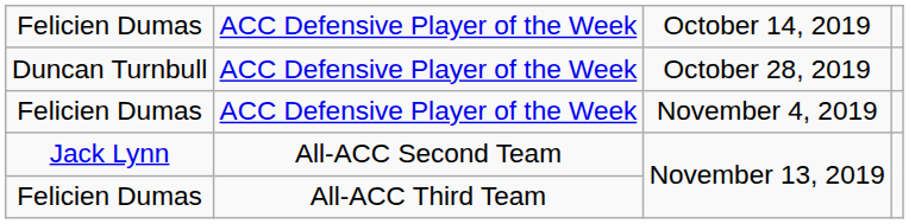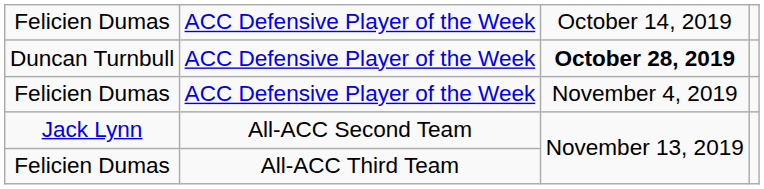 <table class="wikitable sortable" style="text-align: center">
 <tr>
 <td>Felicien Dumas</td>
 <td><a href='#'>ACC Defensive Player of the Week</a></td>
 <td>October 14, 2019</td>
 <td></td>
 </tr>
 <tr>
 <td>Duncan Turnbull</td>
 <td><a href='#'>ACC Defensive Player of the Week</a></td>
-<td>October 28, 2019</td>
+<td><strong>October 28, 2019</strong></td>
 <td></td>
 </tr>
 <tr>
 <td>Felicien Dumas</td>
 <td><a href='#'>ACC Defensive Player of the Week</a></td>
 <td>November 4, 2019</td>
 <td></td>
 </tr>
 <tr>
 <td><a href='#'>Jack Lynn</a></td>
 <td>All-ACC Second Team</td>
 <td rowspan=2>November 13, 2019</td>
 <td rowspan=2></td>
 </tr>
 <tr>
 <td>Felicien Dumas</td>
 <td>All-ACC Third Team</td>
 </tr>
 </table>
